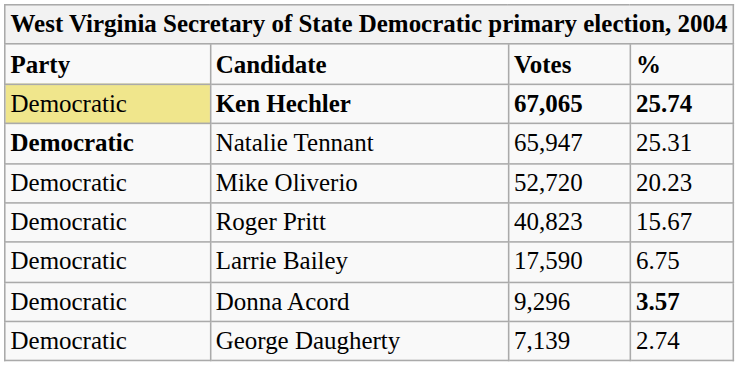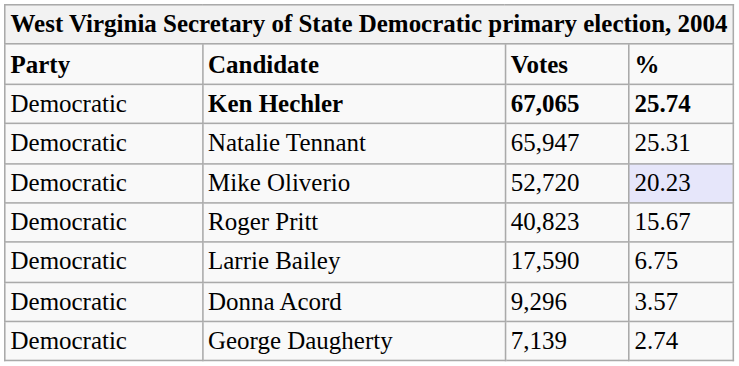 <table class="wikitable">
 <tr>
 <th colspan="4">West Virginia Secretary of State Democratic primary election, 2004</th>
 </tr>
 <tr>
 <td><strong>Party</strong></td>
 <td><strong>Candidate</strong></td>
 <td><strong>Votes</strong></td>
 <td><strong>%</strong></td>
 </tr>
 <tr>
-<td style="background: khaki;">Democratic</td>
+<td>Democratic</td>
 <td><strong>Ken Hechler</strong></td>
 <td><strong>67,065</strong></td>
 <td><strong>25.74</strong></td>
 </tr>
 <tr>
-<td><strong>Democratic</strong></td>
+<td>Democratic</td>
 <td>Natalie Tennant</td>
 <td>65,947</td>
 <td>25.31</td>
 </tr>
 <tr>
 <td>Democratic</td>
 <td>Mike Oliverio</td>
 <td>52,720</td>
-<td>20.23</td>
+<td style="background: lavender;">20.23</td>
 </tr>
 <tr>
 <td>Democratic</td>
 <td>Roger Pritt</td>
 <td>40,823</td>
 <td>15.67</td>
 </tr>
 <tr>
 <td>Democratic</td>
 <td>Larrie Bailey</td>
 <td>17,590</td>
 <td>6.75</td>
 </tr>
 <tr>
 <td>Democratic</td>
 <td>Donna Acord</td>
 <td>9,296</td>
-<td><strong>3.57</strong></td>
+<td>3.57</td>
 </tr>
 <tr>
 <td>Democratic</td>
 <td>George Daugherty</td>
 <td>7,139</td>
 <td>2.74</td>
 </tr>
 </table>
